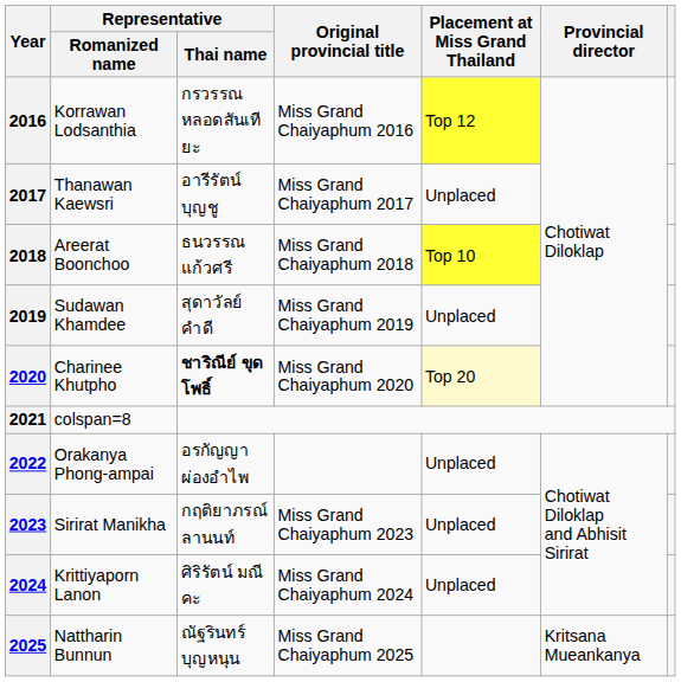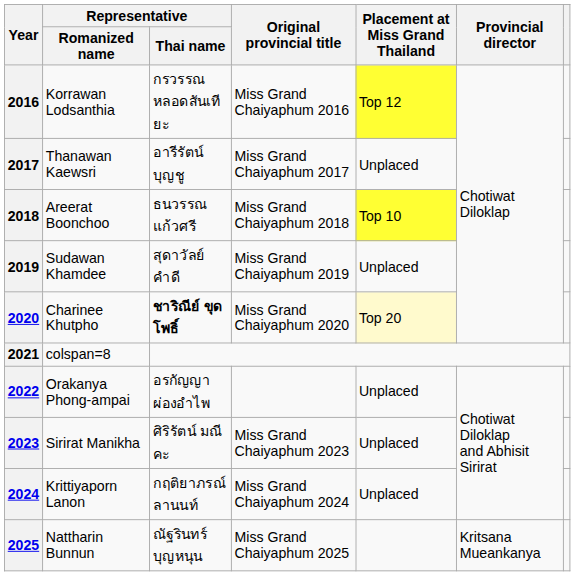 <table class="wikitable defaultcenter col2left col3left col6left" style="font-size:95%;">
 <tr>
 <th rowspan=2>Year</th>
 <th colspan=2>Representative</th>
 <th rowspan=2>Original provincial title</th>
 <th rowspan=2>Placement at<br>Miss Grand Thailand</th>
 <th rowspan=2>Provincial director</th>
 <th rowspan=2></th>
 </tr>
 <tr>
 <th>Romanized name</th>
 <th>Thai name</th>
 </tr>
 <tr>
 <th>2016</th>
 <td>Korrawan Lodsanthia</td>
 <td>กรวรรณ หลอดสันเทียะ</td>
 <td>Miss Grand Chaiyaphum 2016</td>
 <td bgcolor=#FFFF33>Top 12</td>
 <td rowspan=5>Chotiwat Diloklap</td>
 <td></td>
 </tr>
 <tr>
 <th>2017</th>
 <td>Thanawan Kaewsri</td>
 <td>อารีรัตน์ บุญชู</td>
 <td>Miss Grand Chaiyaphum 2017</td>
 <td>Unplaced</td>
 <td></td>
 </tr>
 <tr>
 <th>2018</th>
 <td>Areerat Boonchoo</td>
 <td>ธนวรรณ แก้วศรี</td>
 <td>Miss Grand Chaiyaphum 2018</td>
 <td bgcolor=#FFFF33>Top 10</td>
 <td></td>
 </tr>
 <tr>
 <th>2019</th>
 <td>Sudawan Khamdee</td>
 <td>สุดาวัลย์ คำดี</td>
 <td>Miss Grand Chaiyaphum 2019</td>
 <td>Unplaced</td>
 <td></td>
 </tr>
 <tr>
 <th><a href='#'>2020</a></th>
 <td>Charinee Khutpho</td>
 <td><strong>ชาริณีย์ ขุดโพธิ์</strong></td>
 <td>Miss Grand Chaiyaphum 2020</td>
 <td bgcolor=#FFFACD>Top 20</td>
 <td></td>
 </tr>
 <tr>
 <th>2021</th>
 <td>colspan=8 </td>
 </tr>
 <tr>
 <th><a href='#'>2022</a></th>
 <td>Orakanya Phong-ampai</td>
 <td>อรกัญญา ผ่องอำไพ</td>
 <td></td>
 <td>Unplaced</td>
 <td rowspan=3>Chotiwat Diloklap<br> and Abhisit Sirirat</td>
 <td></td>
 </tr>
 <tr>
 <th><a href='#'>2023</a></th>
 <td>Sirirat Manikha</td>
-<td>กฤติยาภรณ์ ลานนท์</td>
+<td>ศิริรัตน์ มณีคะ</td>
 <td>Miss Grand Chaiyaphum 2023</td>
 <td>Unplaced</td>
 <td></td>
 </tr>
 <tr>
 <th><a href='#'>2024</a></th>
 <td>Krittiyaporn Lanon</td>
-<td>ศิริรัตน์ มณีคะ</td>
+<td>กฤติยาภรณ์ ลานนท์</td>
 <td>Miss Grand Chaiyaphum 2024</td>
 <td>Unplaced</td>
 <td></td>
 </tr>
 <tr>
 <th><a href='#'>2025</a></th>
 <td>Nattharin Bunnun</td>
 <td>ณัฐรินทร์ บุญหนุน</td>
 <td>Miss Grand Chaiyaphum 2025</td>
 <td></td>
 <td>Kritsana Mueankanya</td>
 </tr>
 </table>
